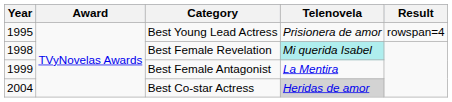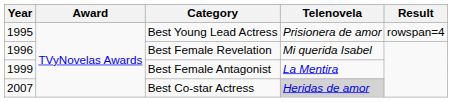 <table class="wikitable">
 <tr style="background:#b0c4de;">
 <th>Year</th>
 <th>Award</th>
 <th>Category</th>
 <th>Telenovela</th>
 <th>Result</th>
 </tr>
 <tr>
 <td>1995</td>
 <td rowspan=4><a href='#'>TVyNovelas Awards</a></td>
 <td>Best Young Lead Actress</td>
 <td><em>Prisionera de amor</em></td>
 <td>rowspan=4 </td>
 </tr>
 <tr>
-<td>1998</td>
+<td>1996</td>
 <td>Best Female Revelation</td>
-<td style="background: paleturquoise;"><em>Mi querida Isabel</em></td>
+<td><em>Mi querida Isabel</em></td>
 </tr>
 <tr>
 <td>1999</td>
 <td>Best Female Antagonist</td>
 <td><em><a href='#'>La Mentira</a></em></td>
 </tr>
 <tr>
-<td>2004</td>
+<td>2007</td>
 <td>Best Co-star Actress</td>
 <td style="background: lightgrey;"><em><a href='#'>Heridas de amor</a></em></td>
 </tr>
 </table>
